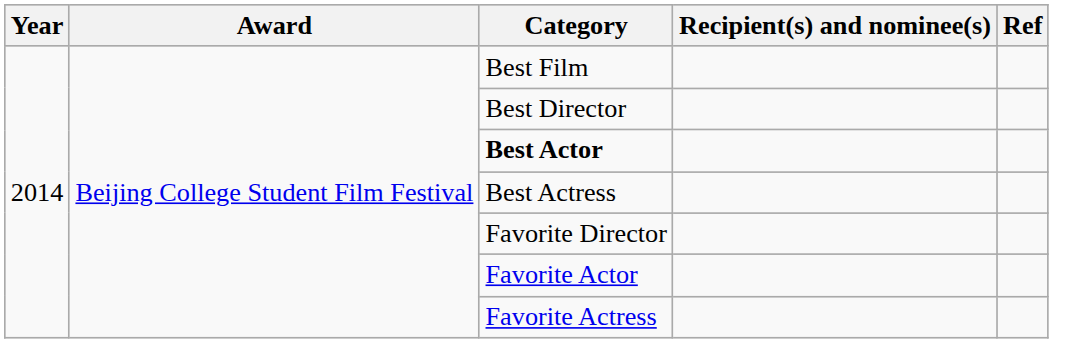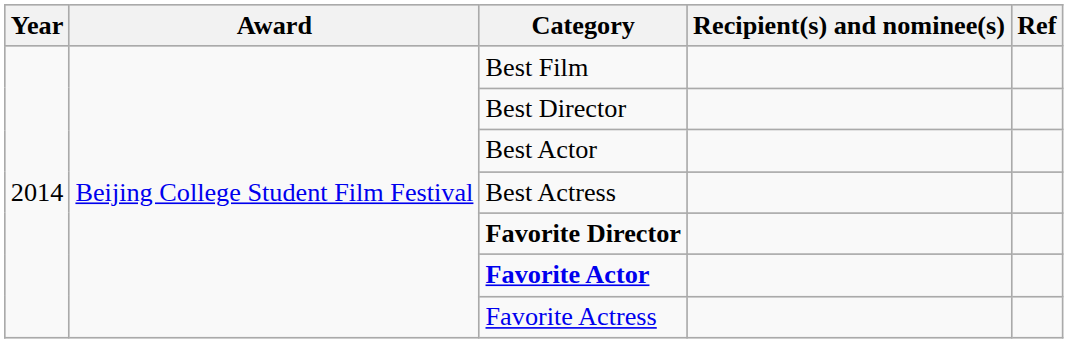 <table class="wikitable">
 <tr>
 <th>Year</th>
 <th>Award</th>
 <th>Category</th>
 <th>Recipient(s) and nominee(s)</th>
 <th>Ref</th>
 </tr>
 <tr>
 <td rowspan="7">2014</td>
 <td rowspan="7"><a href='#'>Beijing College Student Film Festival</a></td>
 <td>Best Film</td>
 <td></td>
 <td></td>
 </tr>
 <tr>
 <td>Best Director</td>
 <td></td>
 <td></td>
 </tr>
 <tr>
-<td><strong>Best Actor</strong></td>
+<td>Best Actor</td>
 <td></td>
 <td></td>
 </tr>
 <tr>
 <td>Best Actress</td>
 <td></td>
 <td></td>
 </tr>
 <tr>
-<td>Favorite Director</td>
+<td><strong>Favorite Director</strong></td>
 <td></td>
 <td></td>
 </tr>
 <tr>
-<td><a href='#'>Favorite Actor</a></td>
+<td><strong><a href='#'>Favorite Actor</a></strong></td>
 <td></td>
 <td></td>
 </tr>
 <tr>
 <td><a href='#'>Favorite Actress</a></td>
 <td></td>
 <td></td>
 </tr>
 </table>
